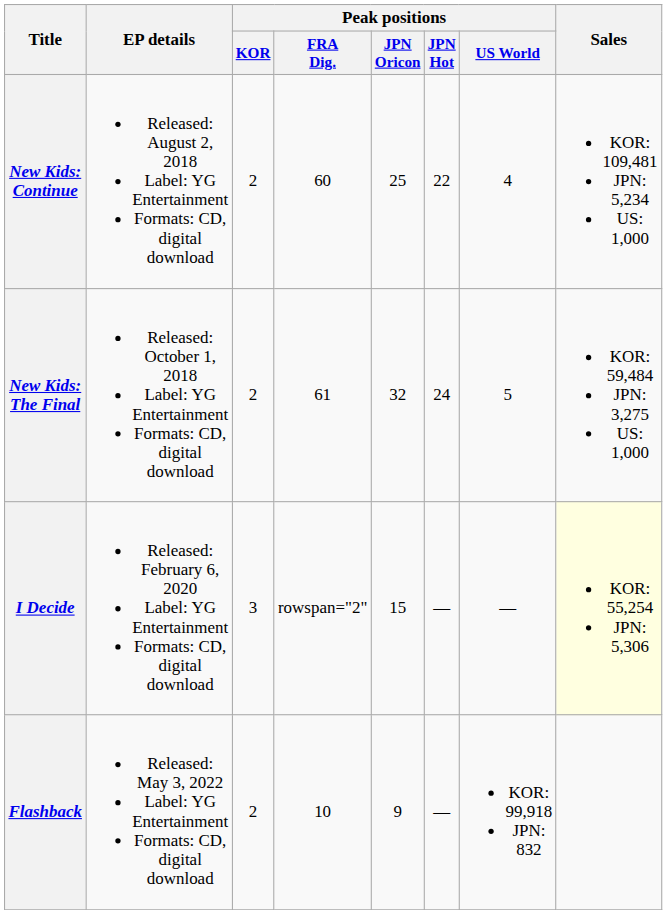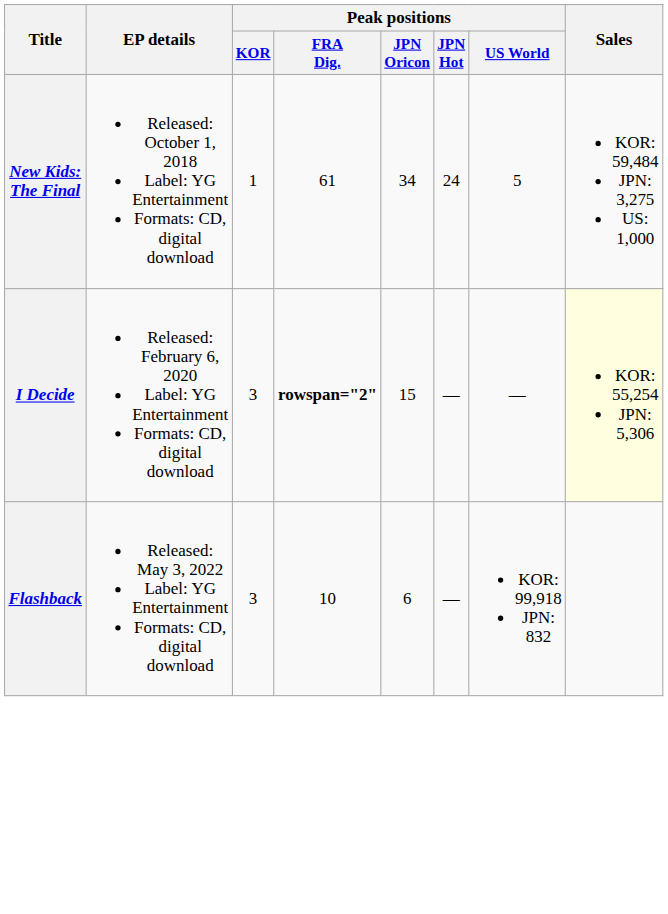 <table class="wikitable plainrowheaders" style="text-align:center;">
 <tr>
 <th scope="col" rowspan="2" style="width:10em;">Title</th>
 <th rowspan="2" style="width:18em;">EP details</th>
 <th scope="col" colspan="5">Peak positions</th>
 <th scope="col" rowspan="2" style="width:12em;">Sales</th>
 </tr>
 <tr>
 <th scope="col" style="width:2.5em;font-size:90%;"><a href='#'>KOR</a><br></th>
 <th scope="col" style="width:3em;font-size:90%;"><a href='#'>FRA<br>Dig.</a><br></th>
 <th scope="col" style="width:2.5em;font-size:90%;"><a href='#'>JPN<br>Oricon</a><br></th>
 <th scope="col" style="width:2.5em;font-size:90%;"><a href='#'>JPN<br>Hot</a><br></th>
 <th scope="col" style="width:2.5em;font-size:90%;"><a href='#'>US World</a><br></th>
 </tr>
 <tr>
-<th scope="row"><em><a href='#'>New Kids: Continue</a></em></th>
-<td><br><ul><li>Released: August 2, 2018</li><li>Label: YG Entertainment</li><li>Formats: CD, digital download</li></ul></td>
-<td>2</td>
-<td>60</td>
-<td>25</td>
-<td>22</td>
-<td>4</td>
-<td><br><ul><li>KOR: 109,481</li><li>JPN: 5,234</li><li>US: 1,000</li></ul></td>
-</tr>
-<tr>
 <th scope="row"><em><a href='#'>New Kids: The Final</a></em></th>
 <td><br><ul><li>Released: October 1, 2018</li><li>Label: YG Entertainment</li><li>Formats: CD, digital download</li></ul></td>
-<td>2</td>
+<td>1</td>
 <td>61</td>
-<td>32</td>
+<td>34</td>
 <td>24</td>
 <td>5</td>
 <td><br><ul><li>KOR: 59,484</li><li>JPN: 3,275</li><li>US: 1,000</li></ul></td>
 </tr>
 <tr>
 <th scope="row"><em><a href='#'>I Decide</a></em></th>
 <td><br><ul><li>Released: February 6, 2020</li><li>Label: YG Entertainment</li><li>Formats: CD, digital download</li></ul></td>
 <td>3</td>
-<td>rowspan="2" </td>
+<td><strong>rowspan="2" </strong></td>
 <td>15</td>
 <td>—</td>
 <td>—</td>
 <td style="background: lightyellow;"><br><ul><li>KOR: 55,254</li><li>JPN: 5,306</li></ul></td>
 </tr>
 <tr>
 <th scope="row"><a href='#'><em>Flashback</em></a></th>
 <td><br><ul><li>Released: May 3, 2022</li><li>Label: YG Entertainment</li><li>Formats: CD, digital download</li></ul></td>
-<td>2</td>
+<td>3</td>
 <td>10</td>
-<td>9</td>
+<td>6</td>
 <td>—</td>
 <td><br><ul><li>KOR: 99,918</li><li>JPN: 832</li></ul></td>
 </tr>
 </table>
